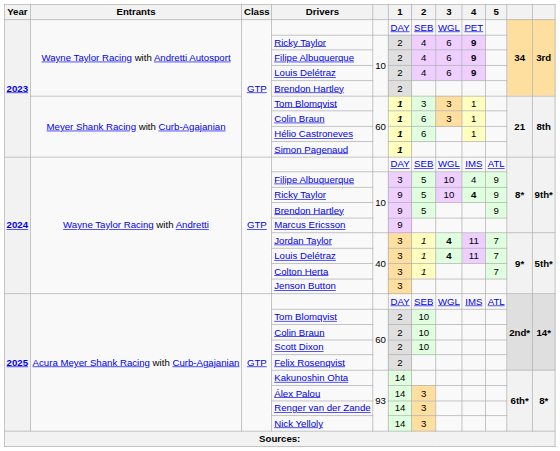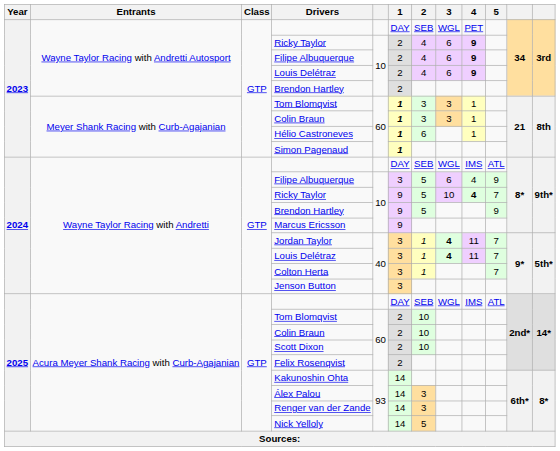 <table class="wikitable" style="text-align:center; font-size:90%">
 <tr>
 <th>Year</th>
 <th>Entrants</th>
 <th>Class</th>
 <th>Drivers</th>
 <th></th>
 <th>1</th>
 <th>2</th>
 <th>3</th>
 <th>4</th>
 <th>5</th>
 <th></th>
 <th></th>
 </tr>
 <tr>
 <th rowspan="9"><a href='#'>2023</a></th>
 <td rowspan="5"><a href='#'>Wayne Taylor Racing</a> with <a href='#'>Andretti Autosport</a></td>
 <td rowspan="9"><a href='#'>GTP</a></td>
 <td></td>
 <td></td>
 <td><a href='#'>DAY</a></td>
 <td><a href='#'>SEB</a></td>
 <td><a href='#'>WGL</a></td>
 <td><a href='#'>PET</a></td>
 <td></td>
 <th rowspan="5" style="background:#FFDF9F;">34</th>
 <th rowspan="5" style="background:#FFDF9F;">3rd</th>
 </tr>
 <tr>
 <td align="left"> <a href='#'>Ricky Taylor</a></td>
 <td rowspan="4">10</td>
 <td style="background:#DFDFDF;">2</td>
 <td style="background:#EFCFFF;">4</td>
 <td style="background:#EFCFFF;">6</td>
 <td style="background:#EFCFFF;"><strong>9</strong></td>
 <td></td>
 </tr>
 <tr>
 <td align="left"> <a href='#'>Filipe Albuquerque</a></td>
 <td style="background:#DFDFDF;">2</td>
 <td style="background:#EFCFFF;">4</td>
 <td style="background:#EFCFFF;">6</td>
 <td style="background:#EFCFFF;"><strong>9</strong></td>
 <td></td>
 </tr>
 <tr>
 <td align="left"> <a href='#'>Louis Delétraz</a></td>
 <td style="background:#DFDFDF;">2</td>
 <td style="background:#EFCFFF;">4</td>
 <td style="background:#EFCFFF;">6</td>
 <td style="background:#EFCFFF;"><strong>9</strong></td>
 <td></td>
 </tr>
 <tr>
 <td align="left"> <a href='#'>Brendon Hartley</a></td>
 <td style="background:#DFDFDF;">2</td>
 <td></td>
 <td></td>
 <td></td>
 <td></td>
 </tr>
 <tr>
 <td rowspan="4"><a href='#'>Meyer Shank Racing</a> with <a href='#'>Curb-Agajanian</a></td>
 <td align="left"> <a href='#'>Tom Blomqvist</a></td>
 <td rowspan="4">60</td>
 <td style="background:#FFFFBF;"><strong><em>1</em></strong></td>
 <td style="background:#DFFFDF;">3</td>
 <td style="background:#FFDF9F;”">3</td>
 <td style="background:#FFFFBF;">1</td>
 <td></td>
 <th rowspan="4">21</th>
 <th rowspan="4">8th</th>
 </tr>
 <tr>
 <td align="left"> <a href='#'>Colin Braun</a></td>
 <td style="background:#FFFFBF;"><strong><em>1</em></strong></td>
-<td style="background:#DFFFDF;">6</td>
+<td style="background:#DFFFDF;">3</td>
 <td style="background:#FFDF9F;”">3</td>
 <td style="background:#FFFFBF;">1</td>
 <td></td>
 </tr>
 <tr>
 <td align="left"> <a href='#'>Hélio Castroneves</a></td>
 <td style="background:#FFFFBF;"><strong><em>1</em></strong></td>
 <td style="background:#DFFFDF;">6</td>
 <td></td>
 <td style="background:#FFFFBF;">1</td>
 <td></td>
 </tr>
 <tr>
 <td align="left"> <a href='#'>Simon Pagenaud</a></td>
 <td style="background:#FFFFBF;"><strong><em>1</em></strong></td>
 <td></td>
 <td></td>
 <td></td>
 <td></td>
 </tr>
 <tr>
 <th rowspan="9"><a href='#'>2024</a></th>
 <td rowspan="9"><a href='#'>Wayne Taylor Racing</a> with <a href='#'>Andretti</a></td>
 <td rowspan="9"><a href='#'>GTP</a></td>
 <td></td>
 <td></td>
 <td><a href='#'>DAY</a></td>
 <td><a href='#'>SEB</a></td>
 <td><a href='#'>WGL</a></td>
 <td><a href='#'>IMS</a></td>
 <td><a href='#'>ATL</a></td>
 <th rowspan="5">8*</th>
 <th rowspan="5">9th*</th>
 </tr>
 <tr>
 <td align="left"> <a href='#'>Filipe Albuquerque</a></td>
 <td rowspan="4">10</td>
 <td style="background:#efcfff;" align="center">3</td>
 <td style="background:#dfffdf;" align="center">5</td>
-<td style="background:#efcfff;" align="center">10</td>
+<td style="background:#EFCFFF;">6</td>
 <td style="background:#dfffdf;" align="center">4</td>
 <td style="background:#dfffdf;" align="center">9</td>
 </tr>
 <tr>
 <td align="left"> <a href='#'>Ricky Taylor</a></td>
 <td style="background:#efcfff;" align="center">9</td>
 <td style="background:#dfffdf;" align="center">5</td>
 <td style="background:#efcfff;" align="center">10</td>
 <td style="background:#dfffdf;" align="center"><strong>4</strong></td>
-<td style="background:#dfffdf;" align="center">9</td>
+<td style="background:#dfffdf;" align="center">7</td>
 </tr>
 <tr>
 <td align="left"> <a href='#'>Brendon Hartley</a></td>
 <td style="background:#efcfff;" align="center">9</td>
 <td style="background:#dfffdf;" align="center">5</td>
 <td></td>
 <td></td>
 <td style="background:#dfffdf;" align="center">9</td>
 </tr>
 <tr>
 <td align="left"> <a href='#'>Marcus Ericsson</a></td>
 <td style="background:#efcfff;" align="center">9</td>
 <td></td>
 <td></td>
 <td></td>
 <td></td>
 </tr>
 <tr>
 <td align="left"> <a href='#'>Jordan Taylor</a></td>
 <td rowspan="4">40</td>
 <td style="background:#ffdf9f;" align="center">3</td>
 <td style="background:#ffffbf;" align="center"><em>1</em></td>
 <td style="background:#dfffdf;" align="center"><strong>4</strong></td>
 <td style="background:#efcfff;" align="center">11</td>
 <td style="background:#dfffdf;" align="center">7</td>
 <th rowspan="4">9*</th>
 <th rowspan="4">5th*</th>
 </tr>
 <tr>
 <td align="left"> <a href='#'>Louis Delétraz</a></td>
 <td style="background:#ffdf9f;" align="center">3</td>
 <td style="background:#ffffbf;" align="center"><em>1</em></td>
 <td style="background:#dfffdf;" align="center"><strong>4</strong></td>
 <td style="background:#efcfff;" align="center">11</td>
 <td style="background:#dfffdf;" align="center">7</td>
 </tr>
 <tr>
 <td align="left"> <a href='#'>Colton Herta</a></td>
 <td style="background:#ffdf9f;" align="center">3</td>
 <td style="background:#ffffbf;" align="center"><em>1</em></td>
 <td></td>
 <td></td>
 <td style="background:#dfffdf;" align="center">7</td>
 </tr>
 <tr>
 <td align="left"> <a href='#'>Jenson Button</a></td>
 <td style="background:#ffdf9f;" align="center">3</td>
 <td></td>
 <td></td>
 <td></td>
 <td></td>
 </tr>
 <tr>
 <th rowspan="9"><a href='#'>2025</a></th>
 <td rowspan="9"><a href='#'>Acura Meyer Shank Racing</a> with <a href='#'>Curb-Agajanian</a></td>
 <td rowspan="9"><a href='#'>GTP</a></td>
 <td></td>
 <td></td>
 <td><a href='#'>DAY</a></td>
 <td><a href='#'>SEB</a></td>
 <td><a href='#'>WGL</a></td>
 <td><a href='#'>IMS</a></td>
 <td><a href='#'>ATL</a></td>
 <th rowspan="5" style="background:#DFDFDF;">2nd*</th>
 <th rowspan="5" style="background:#DFDFDF;">14*</th>
 </tr>
 <tr>
 <td align="left"> <a href='#'>Tom Blomqvist</a></td>
 <td rowspan="4">60</td>
 <td style="background:#DFDFDF;">2</td>
 <td style="background:#dfffdf;">10</td>
 <td></td>
 <td></td>
 <td></td>
 </tr>
 <tr>
 <td align="left"> <a href='#'>Colin Braun</a></td>
 <td style="background:#DFDFDF;">2</td>
 <td style="background:#dfffdf;">10</td>
 <td></td>
 <td></td>
 <td></td>
 </tr>
 <tr>
 <td align="left"> <a href='#'>Scott Dixon</a></td>
 <td style="background:#DFDFDF;">2</td>
 <td style="background:#dfffdf;">10</td>
 <td></td>
 <td></td>
 <td></td>
 </tr>
 <tr>
 <td align="left"> <a href='#'>Felix Rosenqvist</a></td>
 <td style="background:#DFDFDF;">2</td>
 <td></td>
 <td></td>
 <td></td>
 <td></td>
 </tr>
 <tr>
 <td align="left"> <a href='#'>Kakunoshin Ohta</a></td>
 <td rowspan="4">93</td>
 <td style="background:#dfffdf;" align="center">14</td>
 <td></td>
 <td></td>
 <td></td>
 <td></td>
 <th rowspan="4">6th*</th>
 <th rowspan="4">8*</th>
 </tr>
 <tr>
 <td align="left"> <a href='#'>Álex Palou</a></td>
 <td style="background:#dfffdf;" align="center">14</td>
 <td style="background:#ffdf9f;" align="center">3</td>
 <td></td>
 <td></td>
 <td></td>
 </tr>
 <tr>
 <td align="left"> <a href='#'>Renger van der Zande</a></td>
 <td style="background:#dfffdf;" align="center">14</td>
 <td style="background:#ffdf9f;" align="center">3</td>
 <td></td>
 <td></td>
 <td></td>
 </tr>
 <tr>
 <td align="left"> <a href='#'>Nick Yelloly</a></td>
 <td style="background:#dfffdf;" align="center">14</td>
-<td style="background:#ffdf9f;" align="center">3</td>
+<td style="background:#ffdf9f;" align="center">5</td>
 <td></td>
 <td></td>
 <td></td>
 </tr>
 <tr>
 <th colspan="12">Sources:</th>
 </tr>
 </table>
